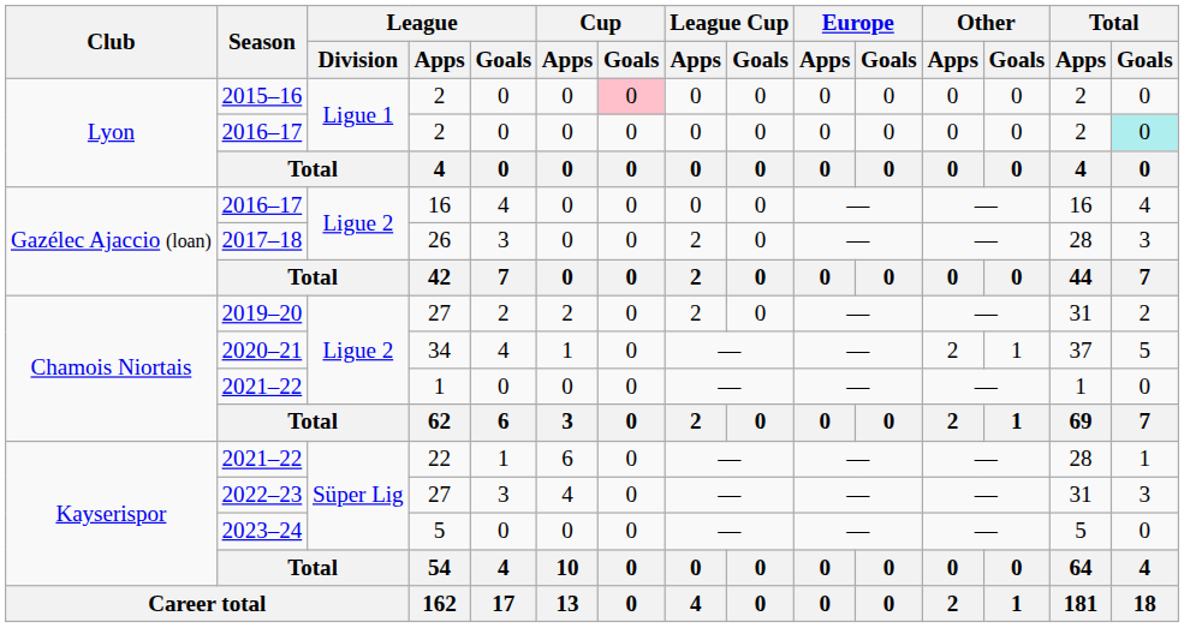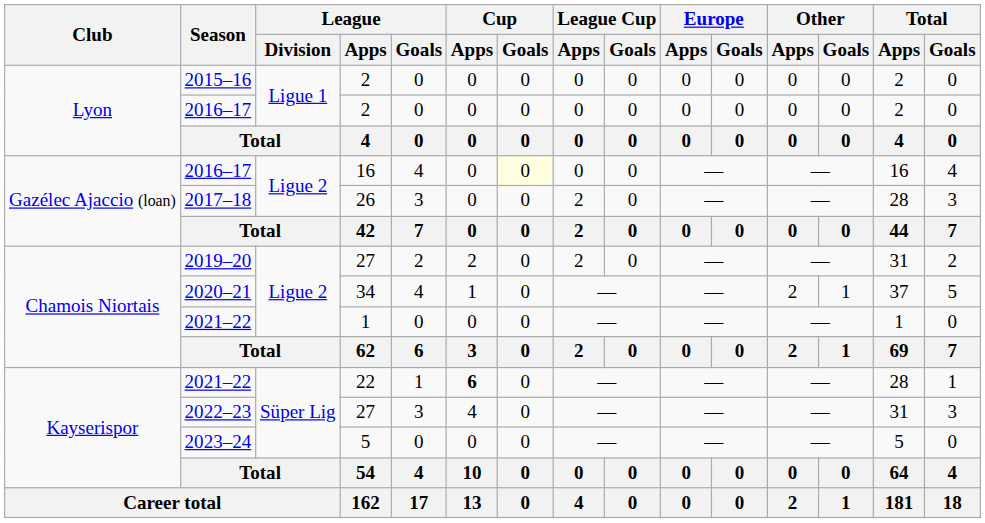 <table class="wikitable" style="text-align: center">
 <tr>
 <th rowspan="2">Club</th>
 <th rowspan="2">Season</th>
 <th colspan="3">League</th>
 <th colspan="2">Cup</th>
 <th colspan="2">League Cup</th>
 <th colspan="2"><a href='#'>Europe</a></th>
 <th colspan="2">Other</th>
 <th colspan="2">Total</th>
 </tr>
 <tr>
 <th>Division</th>
 <th>Apps</th>
 <th>Goals</th>
 <th>Apps</th>
 <th>Goals</th>
 <th>Apps</th>
 <th>Goals</th>
 <th>Apps</th>
 <th>Goals</th>
 <th>Apps</th>
 <th>Goals</th>
 <th>Apps</th>
 <th>Goals</th>
 </tr>
 <tr>
 <td rowspan="3"><a href='#'>Lyon</a></td>
 <td><a href='#'>2015–16</a></td>
 <td rowspan="2"><a href='#'>Ligue 1</a></td>
 <td>2</td>
 <td>0</td>
 <td>0</td>
-<td style="background: pink;">0</td>
+<td>0</td>
 <td>0</td>
 <td>0</td>
 <td>0</td>
 <td>0</td>
 <td>0</td>
 <td>0</td>
 <td>2</td>
 <td>0</td>
 </tr>
 <tr>
 <td><a href='#'>2016–17</a></td>
 <td>2</td>
 <td>0</td>
 <td>0</td>
 <td>0</td>
 <td>0</td>
 <td>0</td>
 <td>0</td>
 <td>0</td>
 <td>0</td>
 <td>0</td>
 <td>2</td>
-<td style="background: paleturquoise;">0</td>
+<td>0</td>
 </tr>
 <tr>
 <th colspan="2">Total</th>
 <th>4</th>
 <th>0</th>
 <th>0</th>
 <th>0</th>
 <th>0</th>
 <th>0</th>
 <th>0</th>
 <th>0</th>
 <th>0</th>
 <th>0</th>
 <th>4</th>
 <th>0</th>
 </tr>
 <tr>
 <td rowspan="3"><a href='#'>Gazélec Ajaccio</a> <small>(loan)</small></td>
 <td><a href='#'>2016–17</a></td>
 <td rowspan="2"><a href='#'>Ligue 2</a></td>
 <td>16</td>
 <td>4</td>
 <td>0</td>
-<td>0</td>
+<td style="background: lightyellow;">0</td>
 <td>0</td>
 <td>0</td>
 <td colspan="2">—</td>
 <td colspan="2">—</td>
 <td>16</td>
 <td>4</td>
 </tr>
 <tr>
 <td><a href='#'>2017–18</a></td>
 <td>26</td>
 <td>3</td>
 <td>0</td>
 <td>0</td>
 <td>2</td>
 <td>0</td>
 <td colspan="2">—</td>
 <td colspan="2">—</td>
 <td>28</td>
 <td>3</td>
 </tr>
 <tr>
 <th colspan="2">Total</th>
 <th>42</th>
 <th>7</th>
 <th>0</th>
 <th>0</th>
 <th>2</th>
 <th>0</th>
 <th>0</th>
 <th>0</th>
 <th>0</th>
 <th>0</th>
 <th>44</th>
 <th>7</th>
 </tr>
 <tr>
 <td rowspan=4><a href='#'>Chamois Niortais</a></td>
 <td><a href='#'>2019–20</a></td>
 <td rowspan=3><a href='#'>Ligue 2</a></td>
 <td>27</td>
 <td>2</td>
 <td>2</td>
 <td>0</td>
 <td>2</td>
 <td>0</td>
 <td colspan="2">—</td>
 <td colspan="2">—</td>
 <td>31</td>
 <td>2</td>
 </tr>
 <tr>
 <td><a href='#'>2020–21</a></td>
 <td>34</td>
 <td>4</td>
 <td>1</td>
 <td>0</td>
 <td colspan=2>—</td>
 <td colspan="2">—</td>
 <td>2</td>
 <td>1</td>
 <td>37</td>
 <td>5</td>
 </tr>
 <tr>
 <td><a href='#'>2021–22</a></td>
 <td>1</td>
 <td>0</td>
 <td>0</td>
 <td>0</td>
 <td colspan=2>—</td>
 <td colspan="2">—</td>
 <td colspan="2">—</td>
 <td>1</td>
 <td>0</td>
 </tr>
 <tr>
 <th colspan="2">Total</th>
 <th>62</th>
 <th>6</th>
 <th>3</th>
 <th>0</th>
 <th>2</th>
 <th>0</th>
 <th>0</th>
 <th>0</th>
 <th>2</th>
 <th>1</th>
 <th>69</th>
 <th>7</th>
 </tr>
 <tr>
 <td rowspan="4"><a href='#'>Kayserispor</a></td>
 <td><a href='#'>2021–22</a></td>
 <td rowspan="3"><a href='#'>Süper Lig</a></td>
 <td>22</td>
 <td>1</td>
-<td>6</td>
+<td><strong>6</strong></td>
 <td>0</td>
 <td colspan="2">—</td>
 <td colspan="2">—</td>
 <td colspan="2">—</td>
 <td>28</td>
 <td>1</td>
 </tr>
 <tr>
 <td><a href='#'>2022–23</a></td>
 <td>27</td>
 <td>3</td>
 <td>4</td>
 <td>0</td>
 <td colspan="2">—</td>
 <td colspan="2">—</td>
 <td colspan="2">—</td>
 <td>31</td>
 <td>3</td>
 </tr>
 <tr>
 <td><a href='#'>2023–24</a></td>
 <td>5</td>
 <td>0</td>
 <td>0</td>
 <td>0</td>
 <td colspan="2">—</td>
 <td colspan="2">—</td>
 <td colspan="2">—</td>
 <td>5</td>
 <td>0</td>
 </tr>
 <tr>
 <th colspan="2">Total</th>
 <th>54</th>
 <th>4</th>
 <th>10</th>
 <th>0</th>
 <th>0</th>
 <th>0</th>
 <th>0</th>
 <th>0</th>
 <th>0</th>
 <th>0</th>
 <th>64</th>
 <th>4</th>
 </tr>
 <tr>
 <th colspan="3">Career total</th>
 <th>162</th>
 <th>17</th>
 <th>13</th>
 <th>0</th>
 <th>4</th>
 <th>0</th>
 <th>0</th>
 <th>0</th>
 <th>2</th>
 <th>1</th>
 <th>181</th>
 <th>18</th>
 </tr>
 </table>
